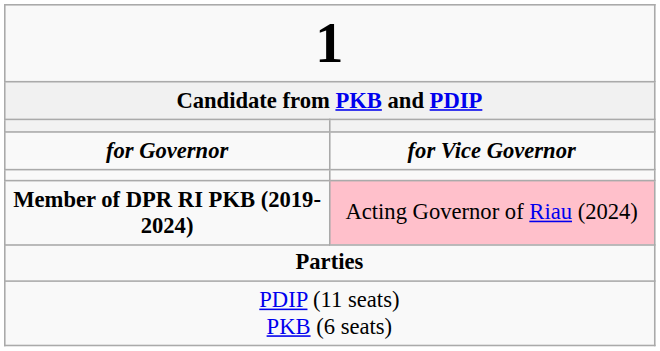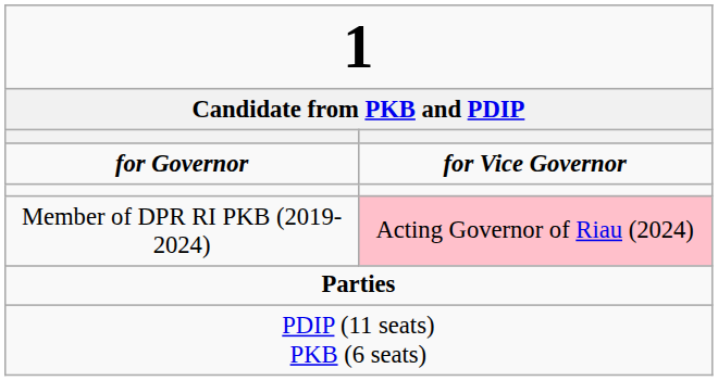 <table class="wikitable" style="font-size:90%; text-align:center;">
 <tr>
 <td colspan=2><big><big><big><big><big><strong>1</strong></big></big></big></big></big></td>
 </tr>
 <tr>
 <td colspan=2 style="background:#f1f1f1;"><strong>Candidate from <a href='#'>PKB</a> and <a href='#'>PDIP</a></strong></td>
 </tr>
 <tr>
 <th style="width:3em; font-size:135%; background:#"></th>
 <th style="width:3em; font-size:135%; background:#"></th>
 </tr>
 <tr style="color:#000; font-size:100%; background:#">
 <td style="width:3em; width:200px;"><strong><em>for Governor</em></strong></td>
 <td style="width:3em; width:200px;"><strong><em>for Vice Governor</em></strong></td>
 </tr>
 <tr>
 <td></td>
 <td></td>
 </tr>
 <tr>
-<td><strong>Member of DPR RI PKB (2019-2024)</strong></td>
+<td>Member of DPR RI PKB (2019-2024)</td>
 <td style="background: pink;">Acting Governor of <a href='#'>Riau</a> (2024)</td>
 </tr>
 <tr>
 <td colspan=2 style="background:#"><strong>Parties</strong></td>
 </tr>
 <tr>
 <td colspan=2> <a href='#'>PDIP</a> (11 seats)<br><a href='#'>PKB</a> (6 seats)</td>
 </tr>
 </table>
